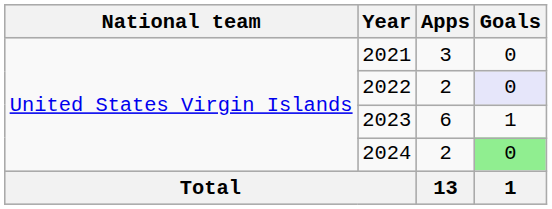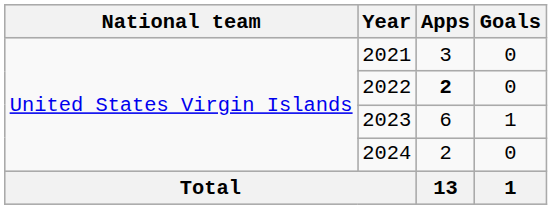 <table class="wikitable" style="text-align:center">
 <tr>
 <th>National team</th>
 <th>Year</th>
 <th>Apps</th>
 <th>Goals</th>
 </tr>
 <tr>
 <td rowspan=4><a href='#'>United States Virgin Islands</a></td>
 <td>2021</td>
 <td>3</td>
 <td>0</td>
 </tr>
 <tr>
 <td>2022</td>
-<td>2</td>
-<td style="background: lavender;">0</td>
+<td><strong>2</strong></td>
+<td>0</td>
 </tr>
 <tr>
 <td>2023</td>
 <td>6</td>
 <td>1</td>
 </tr>
 <tr>
 <td>2024</td>
 <td>2</td>
-<td style="background: lightgreen;">0</td>
+<td>0</td>
 </tr>
 <tr>
 <th colspan=2>Total</th>
 <th>13</th>
 <th>1</th>
 </tr>
 </table>
